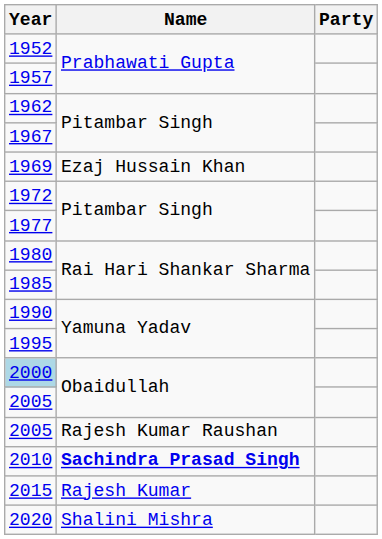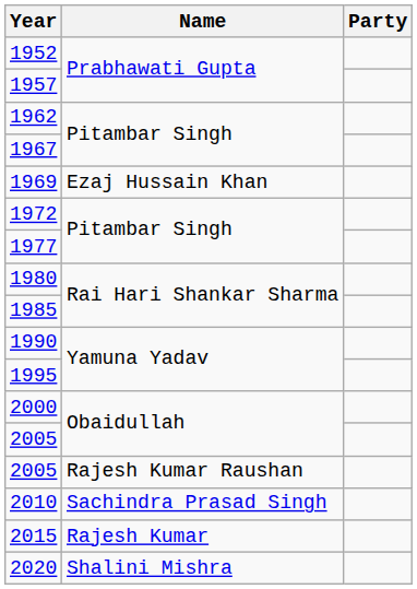 <table class="wikitable sortable">
 <tr>
 <th>Year</th>
 <th>Name</th>
 <th colspan="2">Party</th>
 </tr>
 <tr>
 <td><a href='#'>1952</a></td>
 <td rowspan="2"><a href='#'>Prabhawati Gupta</a></td>
 <td></td>
 </tr>
 <tr>
 <td><a href='#'>1957</a></td>
 </tr>
 <tr>
 <td><a href='#'>1962</a></td>
 <td rowspan="2">Pitambar Singh</td>
 <td></td>
 </tr>
 <tr>
 <td><a href='#'>1967</a></td>
 </tr>
 <tr>
 <td><a href='#'>1969</a></td>
 <td>Ezaj Hussain Khan</td>
 <td></td>
 </tr>
 <tr>
 <td><a href='#'>1972</a></td>
 <td rowspan="2">Pitambar Singh</td>
 <td></td>
 </tr>
 <tr>
 <td><a href='#'>1977</a></td>
 </tr>
 <tr>
 <td><a href='#'>1980</a></td>
 <td rowspan="2">Rai Hari Shankar Sharma</td>
 <td></td>
 </tr>
 <tr>
 <td><a href='#'>1985</a></td>
 <td></td>
 </tr>
 <tr>
 <td><a href='#'>1990</a></td>
 <td rowspan="2">Yamuna Yadav</td>
 <td></td>
 </tr>
 <tr>
 <td><a href='#'>1995</a></td>
 </tr>
 <tr>
-<td style="background: lightblue;"><a href='#'>2000</a></td>
+<td><a href='#'>2000</a></td>
 <td rowspan="2">Obaidullah</td>
 <td></td>
 </tr>
 <tr>
 <td><a href='#'>2005</a></td>
 <td></td>
 </tr>
 <tr>
 <td><a href='#'>2005</a></td>
 <td>Rajesh Kumar Raushan</td>
 <td></td>
 </tr>
 <tr>
 <td><a href='#'>2010</a></td>
-<td><strong><a href='#'>Sachindra Prasad Singh</a></strong></td>
+<td><a href='#'>Sachindra Prasad Singh</a></td>
 <td></td>
 </tr>
 <tr>
 <td><a href='#'>2015</a></td>
 <td><a href='#'>Rajesh Kumar</a></td>
 <td></td>
 </tr>
 <tr>
 <td><a href='#'>2020</a></td>
 <td><a href='#'>Shalini Mishra</a></td>
 <td></td>
 </tr>
 </table>
